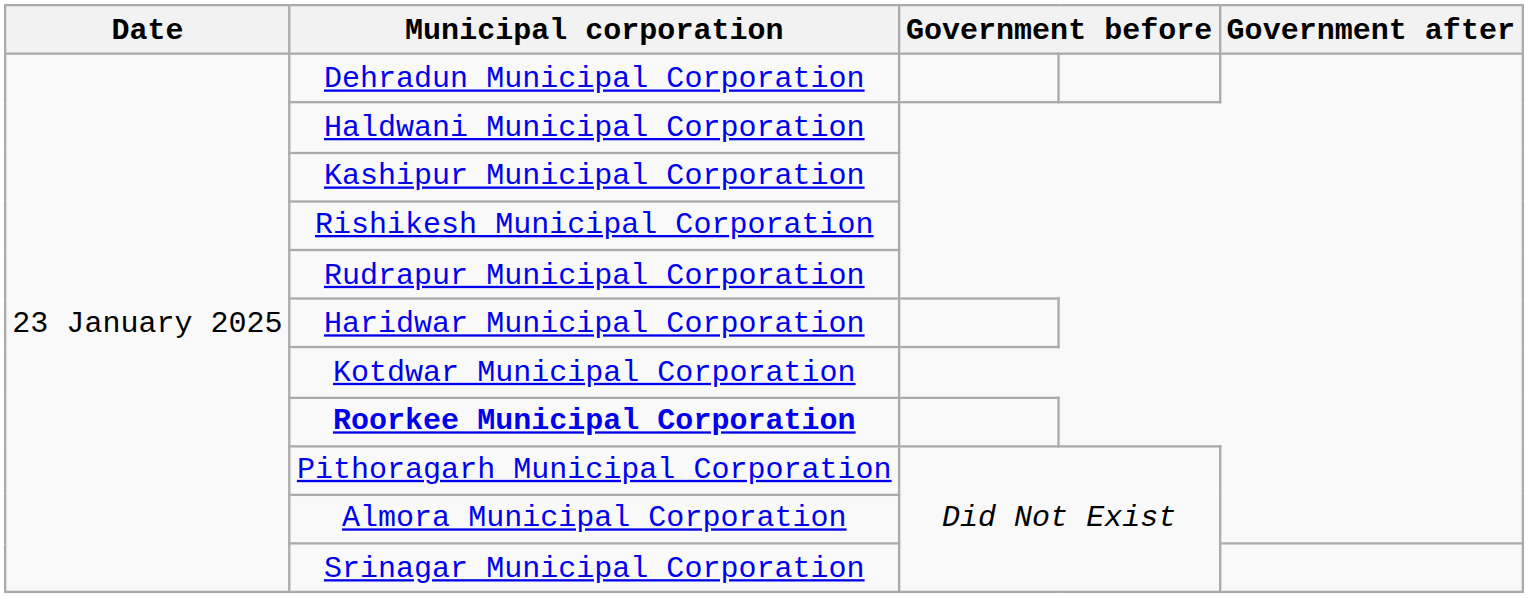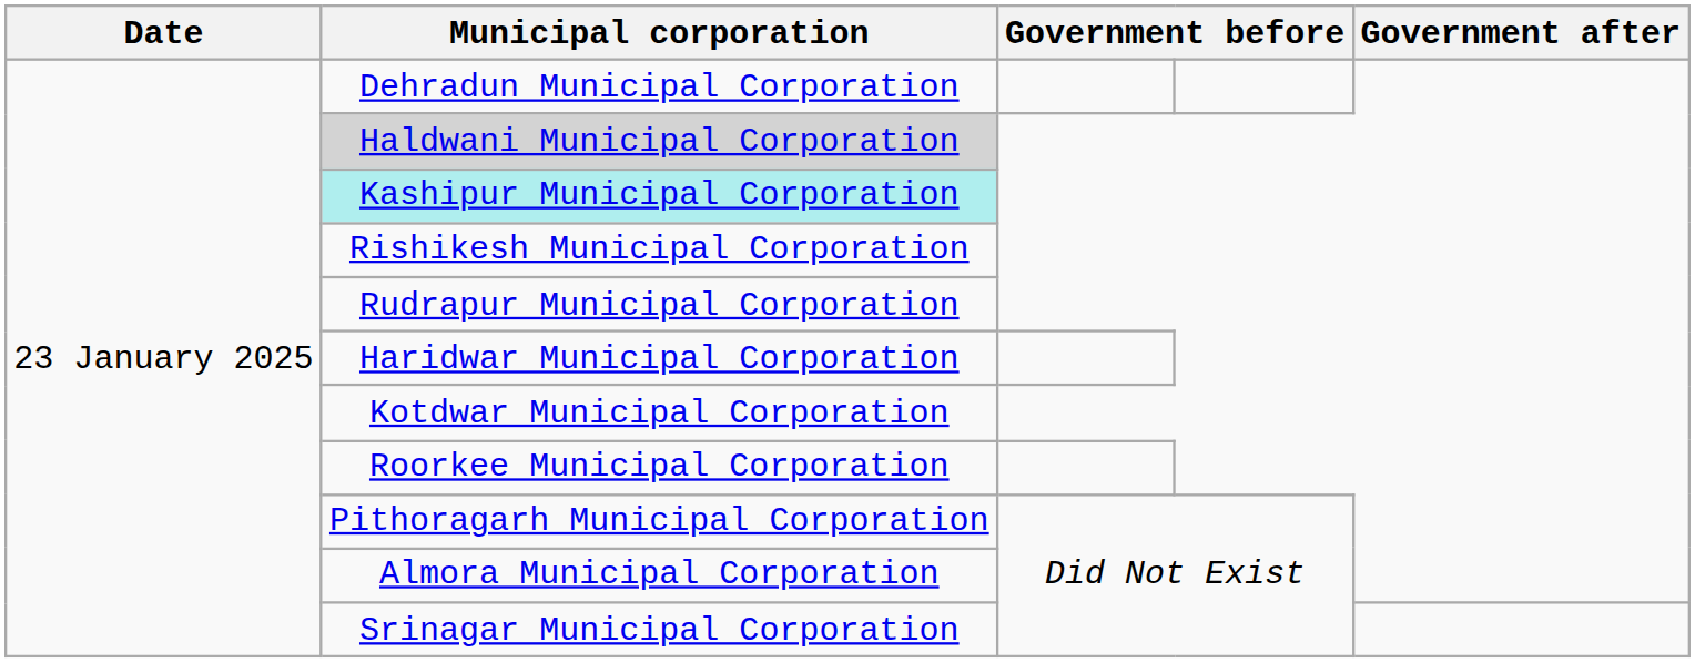 <table class="wikitable sortable"style="text-align:center;">
 <tr>
 <th>Date</th>
 <th>Municipal corporation</th>
 <th colspan=2>Government before</th>
 <th colspan=2>Government after</th>
 </tr>
 <tr>
 <td rowspan="11">23 January 2025</td>
 <td><a href='#'>Dehradun Municipal Corporation</a></td>
 <td></td>
 <td></td>
 </tr>
 <tr>
-<td><a href='#'>Haldwani Municipal Corporation</a></td>
+<td style="background: lightgrey;"><a href='#'>Haldwani Municipal Corporation</a></td>
 </tr>
 <tr>
-<td><a href='#'>Kashipur Municipal Corporation</a></td>
+<td style="background: paleturquoise;"><a href='#'>Kashipur Municipal Corporation</a></td>
 </tr>
 <tr>
 <td><a href='#'>Rishikesh Municipal Corporation</a></td>
 </tr>
 <tr>
 <td><a href='#'>Rudrapur Municipal Corporation</a></td>
 </tr>
 <tr>
 <td><a href='#'>Haridwar Municipal Corporation</a></td>
 <td></td>
 </tr>
 <tr>
 <td><a href='#'>Kotdwar Municipal Corporation</a></td>
 </tr>
 <tr>
-<td><strong><a href='#'>Roorkee Municipal Corporation</a></strong></td>
+<td><a href='#'>Roorkee Municipal Corporation</a></td>
 <td></td>
 </tr>
 <tr>
 <td><a href='#'>Pithoragarh Municipal Corporation</a></td>
 <td style="text-align:center;" rowspan=3 colspan=2><em>Did Not Exist</em></td>
 </tr>
 <tr>
 <td><a href='#'>Almora Municipal Corporation</a></td>
 </tr>
 <tr>
 <td><a href='#'>Srinagar Municipal Corporation</a></td>
 <td></td>
 </tr>
 </table>
